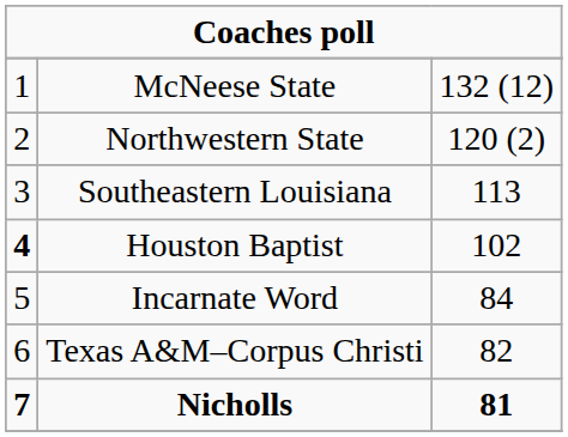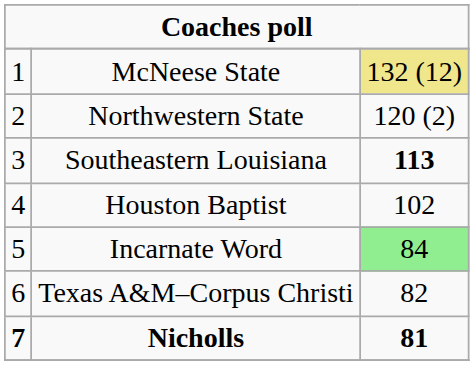 <table class="wikitable">
 <tr align="center">
 <td align="center" Colspan="3"><strong>Coaches poll</strong></td>
 </tr>
 <tr align="center">
 </tr>
 <tr align="center">
 <td>1</td>
 <td>McNeese State</td>
-<td>132 (12)</td>
+<td style="background: khaki;">132 (12)</td>
 </tr>
 <tr align="center">
 <td>2</td>
 <td>Northwestern State</td>
 <td>120 (2)</td>
 </tr>
 <tr align="center">
 <td>3</td>
 <td>Southeastern Louisiana</td>
-<td>113</td>
+<td><strong>113</strong></td>
 </tr>
 <tr align="center">
-<td><strong>4</strong></td>
+<td>4</td>
 <td>Houston Baptist</td>
 <td>102</td>
 </tr>
 <tr align="center">
 <td>5</td>
 <td>Incarnate Word</td>
-<td>84</td>
+<td style="background: lightgreen;">84</td>
 </tr>
 <tr align="center">
 <td>6</td>
 <td>Texas A&M–Corpus Christi</td>
 <td>82</td>
 </tr>
 <tr align="center">
 <td><strong>7</strong></td>
 <td><strong>Nicholls</strong></td>
 <td><strong>81</strong></td>
 </tr>
 <tr align="center">
 </tr>
 </table>
